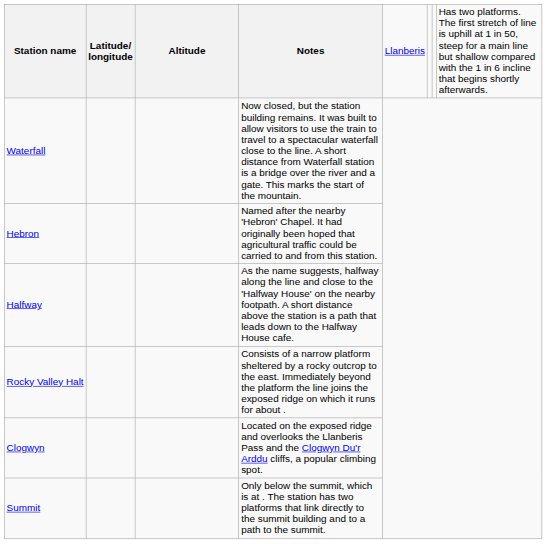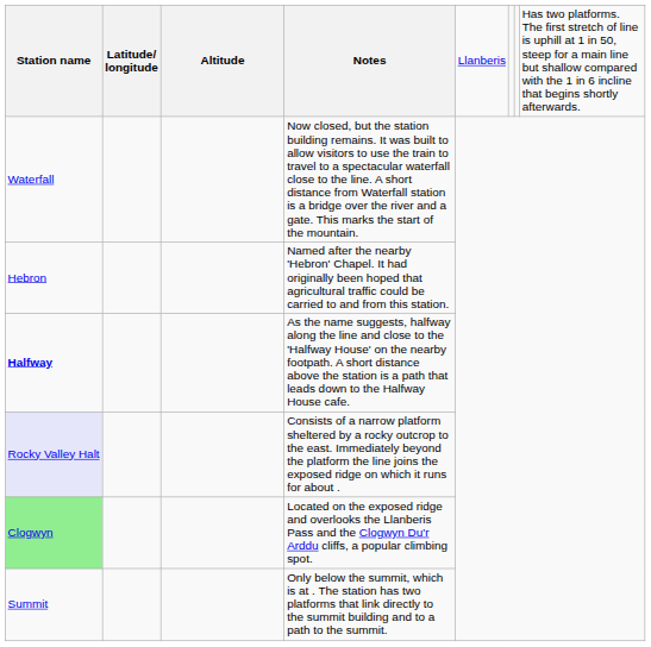 <table class="wikitable">
 <tr>
 <th>Station name</th>
 <th>Latitude/<br>longitude</th>
 <th style="width:10em;">Altitude</th>
 <th>Notes</th>
 <td><a href='#'>Llanberis</a></td>
 <td></td>
 <td></td>
 <td>Has two platforms. The first stretch of line is uphill at 1 in 50, steep for a main line but shallow compared with the 1 in 6 incline that begins shortly afterwards.</td>
 </tr>
 <tr>
 <td><a href='#'>Waterfall</a></td>
 <td></td>
 <td></td>
 <td>Now closed, but the station building remains. It was built to allow visitors to use the train to travel to a spectacular waterfall close to the line. A short distance from Waterfall station is a bridge over the river and a gate. This marks the start of the mountain.</td>
 </tr>
 <tr>
 <td><a href='#'>Hebron</a></td>
 <td></td>
 <td></td>
 <td>Named after the nearby 'Hebron' Chapel. It had originally been hoped that agricultural traffic could be carried to and from this station.</td>
 </tr>
 <tr>
-<td><a href='#'>Halfway</a></td>
+<td><strong><a href='#'>Halfway</a></strong></td>
 <td></td>
 <td></td>
 <td>As the name suggests, halfway along the line and close to the 'Halfway House' on the nearby footpath. A short distance above the station is a path that leads down to the Halfway House cafe.</td>
 </tr>
 <tr>
-<td><a href='#'>Rocky Valley Halt</a></td>
+<td style="background: lavender;"><a href='#'>Rocky Valley Halt</a></td>
 <td></td>
 <td></td>
 <td>Consists of a narrow platform sheltered by a rocky outcrop to the east. Immediately beyond the platform the line joins the exposed ridge on which it runs for about .</td>
 </tr>
 <tr>
-<td><a href='#'>Clogwyn</a></td>
+<td style="background: lightgreen;"><a href='#'>Clogwyn</a></td>
 <td></td>
 <td></td>
 <td>Located on the exposed ridge and overlooks the Llanberis Pass and the <a href='#'>Clogwyn Du'r Arddu</a> cliffs, a popular climbing spot.</td>
 </tr>
 <tr>
 <td><a href='#'>Summit</a></td>
 <td></td>
 <td></td>
 <td>Only  below the summit, which is at . The station has two platforms that link directly to the summit building and to a path to the summit.</td>
 </tr>
 </table>
